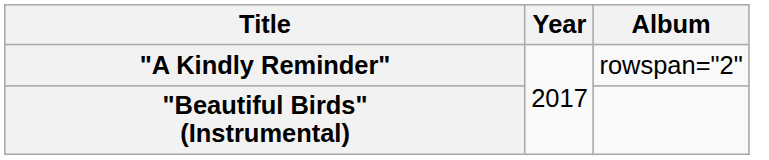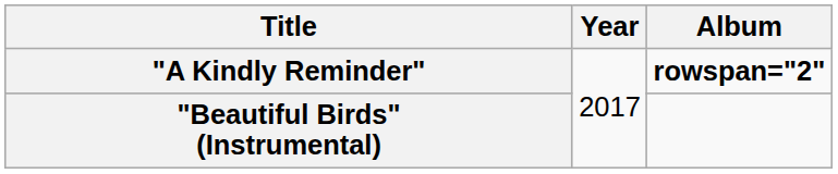 <table class="wikitable plainrowheaders" style="text-align:center;">
 <tr>
 <th scope="col" style="width:20em;">Title</th>
 <th scope="col" style="width:1em;">Year</th>
 <th scope="col">Album</th>
 </tr>
 <tr>
 <th scope="row">"A Kindly Reminder"</th>
 <td rowspan="2">2017</td>
-<td>rowspan="2" </td>
+<td><strong>rowspan="2" </strong></td>
 </tr>
 <tr>
 <th scope="row">"Beautiful Birds"<br><span>(Instrumental)</span></th>
 </tr>
 </table>
